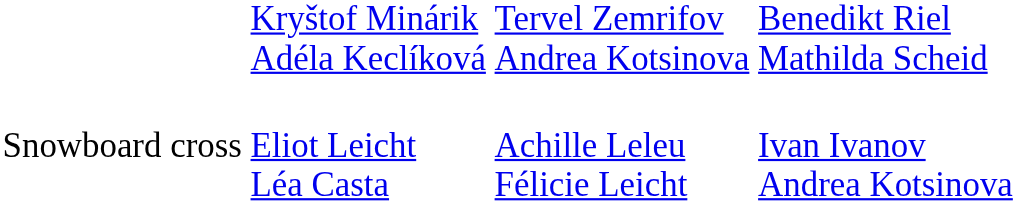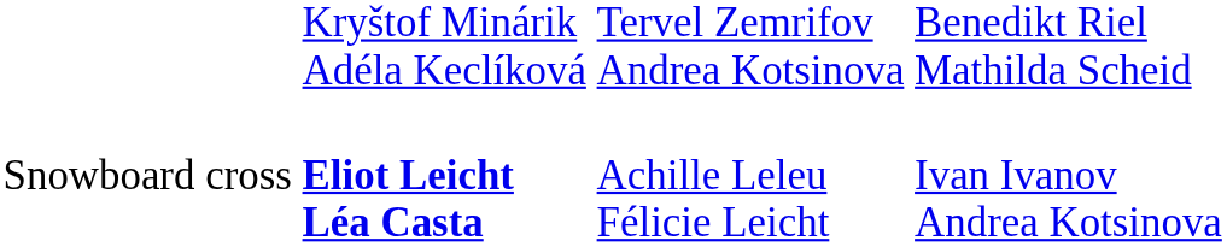 <table>
 <tr>
 <td></td>
 <td><br><a href='#'>Kryštof Minárik</a><br><a href='#'>Adéla Keclíková</a></td>
 <td><br><a href='#'>Tervel Zemrifov</a><br><a href='#'>Andrea Kotsinova</a></td>
 <td><br><a href='#'>Benedikt Riel</a><br><a href='#'>Mathilda Scheid</a></td>
 </tr>
 <tr>
 <td>Snowboard cross</td>
-<td><br><a href='#'>Eliot Leicht</a><br><a href='#'>Léa Casta</a></td>
+<td><strong><br><a href='#'>Eliot Leicht</a><br><a href='#'>Léa Casta</a></strong></td>
 <td><br><a href='#'>Achille Leleu</a><br><a href='#'>Félicie Leicht</a></td>
 <td><br><a href='#'>Ivan Ivanov</a><br><a href='#'>Andrea Kotsinova</a></td>
 </tr>
 </table>
